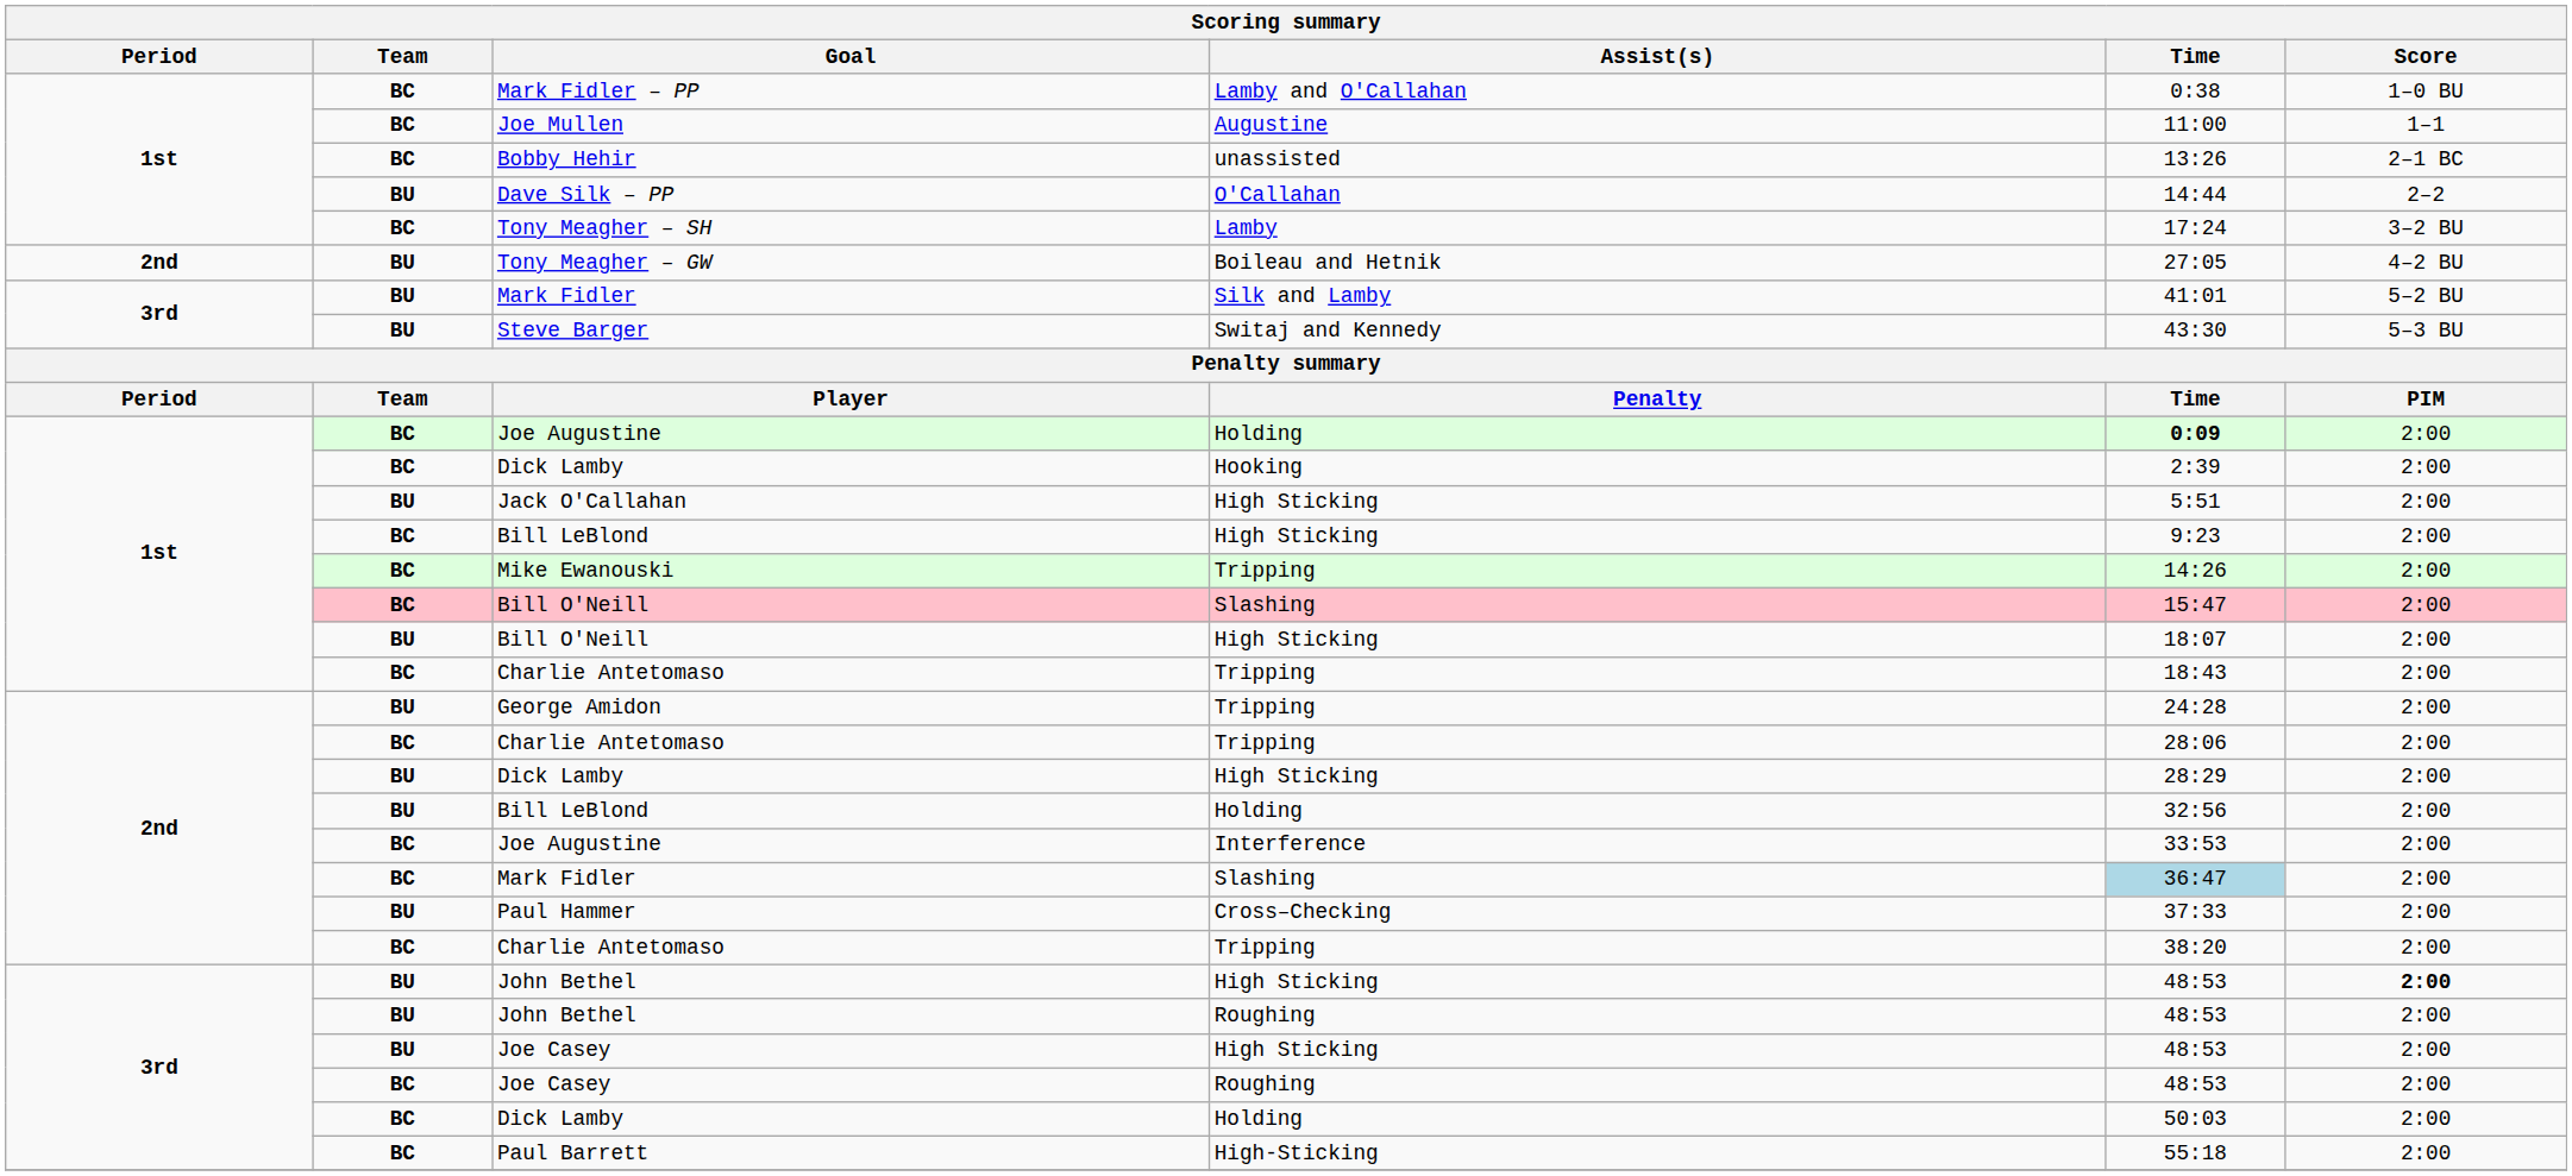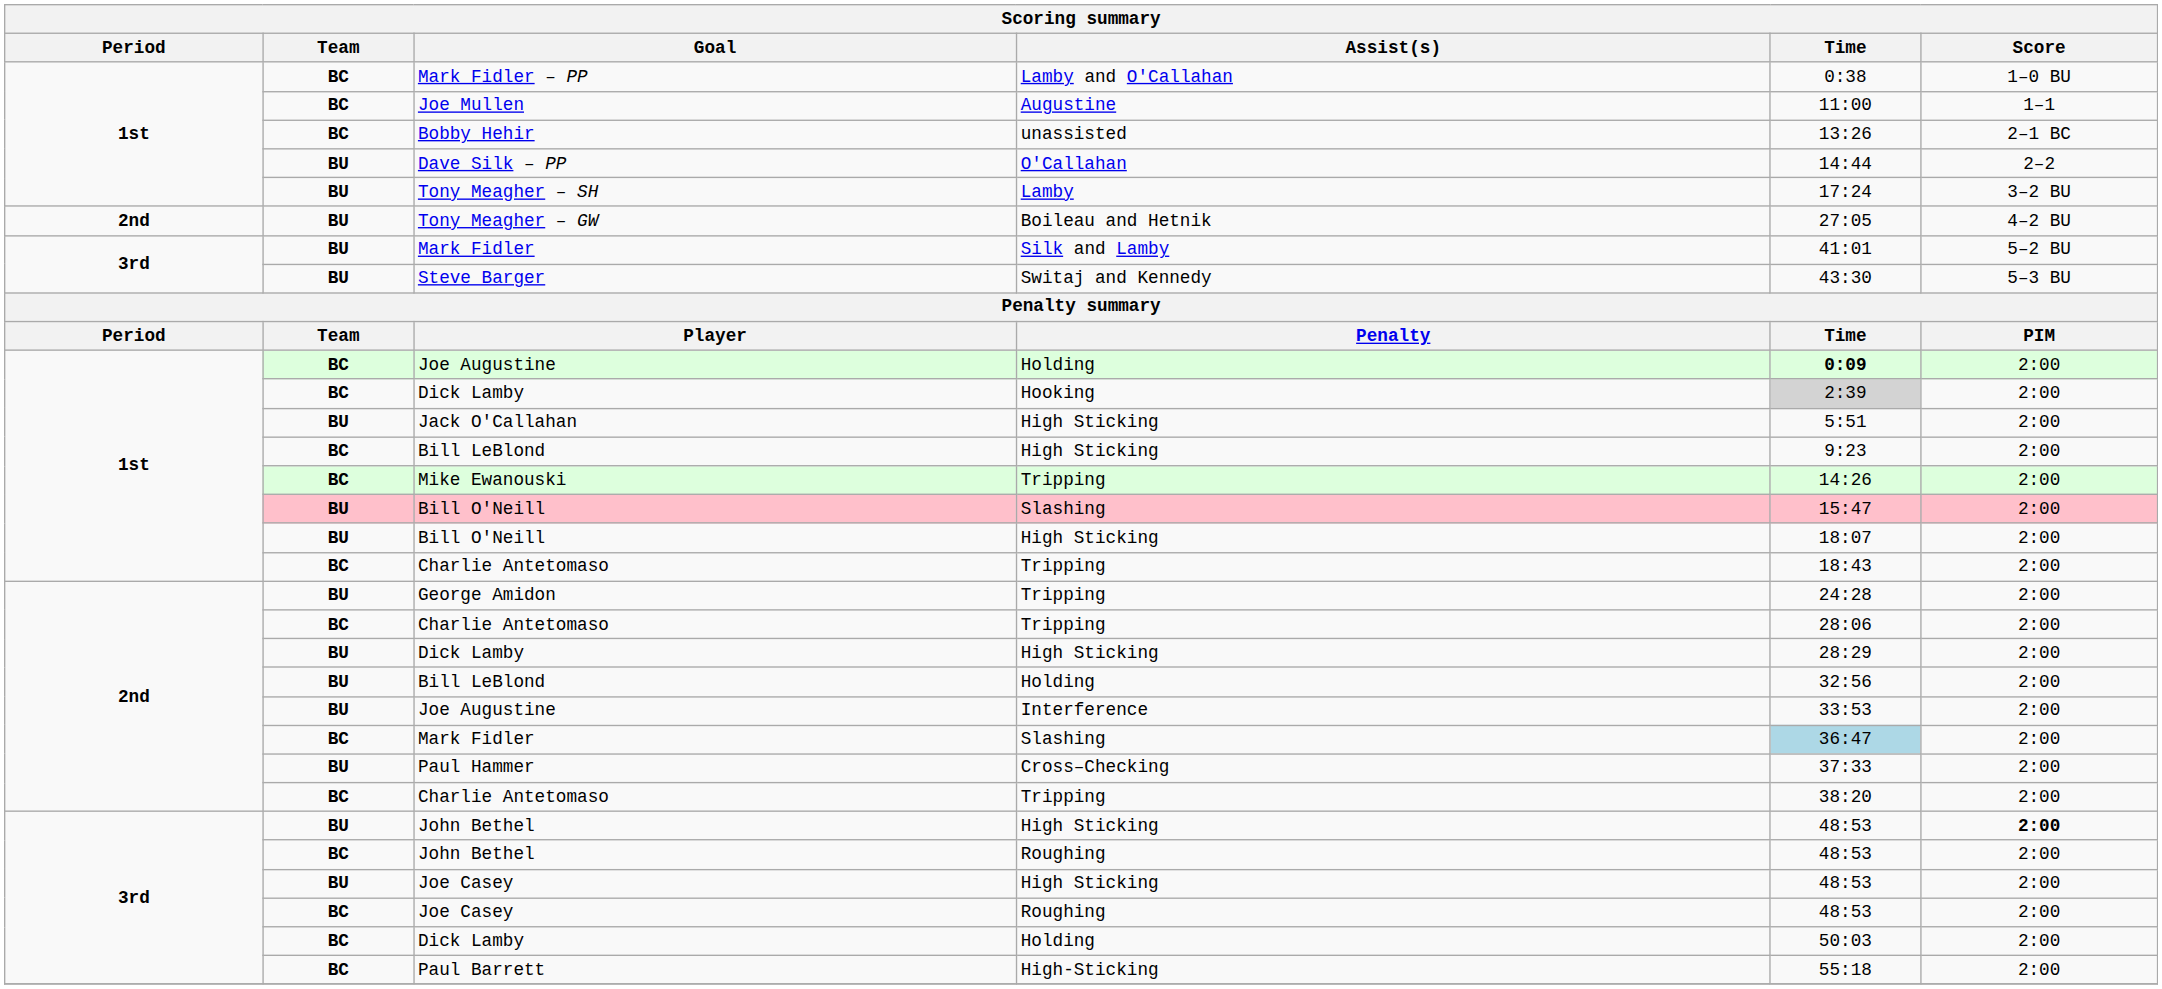 <table style="width:100%;" class="wikitable">
 <tr>
 <th colspan=6>Scoring summary</th>
 </tr>
 <tr>
 <th style="width:12%;">Period</th>
 <th style="width:7%;">Team</th>
 <th style="width:28%;">Goal</th>
 <th style="width:35%;">Assist(s)</th>
 <th style="width:7%;">Time</th>
 <th style="width:11%;">Score</th>
 </tr>
 <tr>
 <td style="text-align:center;" rowspan="5"><strong>1st</strong></td>
 <td align=center><strong>BC</strong></td>
 <td><a href='#'>Mark Fidler</a> – <em>PP</em></td>
 <td><a href='#'>Lamby</a> and <a href='#'>O'Callahan</a></td>
 <td align=center>0:38</td>
 <td align=center>1–0 BU</td>
 </tr>
 <tr>
 <td align=center><strong>BC</strong></td>
 <td><a href='#'>Joe Mullen</a></td>
 <td><a href='#'>Augustine</a></td>
 <td align=center>11:00</td>
 <td align=center>1–1</td>
 </tr>
 <tr>
 <td align=center><strong>BC</strong></td>
 <td><a href='#'>Bobby Hehir</a></td>
 <td>unassisted</td>
 <td align=center>13:26</td>
 <td align=center>2–1 BC</td>
 </tr>
 <tr>
 <td align=center><strong>BU</strong></td>
 <td><a href='#'>Dave Silk</a> – <em>PP</em></td>
 <td><a href='#'>O'Callahan</a></td>
 <td align=center>14:44</td>
 <td align=center>2–2</td>
 </tr>
 <tr>
-<td align=center><strong>BC</strong></td>
+<td align=center><strong>BU</strong></td>
 <td><a href='#'>Tony Meagher</a> – <em>SH</em></td>
 <td><a href='#'>Lamby</a></td>
 <td align=center>17:24</td>
 <td align=center>3–2 BU</td>
 </tr>
 <tr>
 <td style="text-align:center;" rowspan="1"><strong>2nd</strong></td>
 <td align=center><strong>BU</strong></td>
 <td><a href='#'>Tony Meagher</a> – <em>GW</em></td>
 <td>Boileau and Hetnik</td>
 <td align=center>27:05</td>
 <td align=center>4–2 BU</td>
 </tr>
 <tr>
 <td style="text-align:center;" rowspan="2"><strong>3rd</strong></td>
 <td align=center><strong>BU</strong></td>
 <td><a href='#'>Mark Fidler</a></td>
 <td><a href='#'>Silk</a> and <a href='#'>Lamby</a></td>
 <td align=center>41:01</td>
 <td align=center>5–2 BU</td>
 </tr>
 <tr>
 <td align=center><strong>BU</strong></td>
 <td><a href='#'>Steve Barger</a></td>
 <td>Switaj and Kennedy</td>
 <td align=center>43:30</td>
 <td align=center>5–3 BU</td>
 </tr>
 <tr>
 <th colspan=6>Penalty summary</th>
 </tr>
 <tr>
 <th style="width:12%;">Period</th>
 <th style="width:7%;">Team</th>
 <th style="width:28%;">Player</th>
 <th style="width:35%;"><a href='#'>Penalty</a></th>
 <th style="width:7%;">Time</th>
 <th style="width:11%;">PIM</th>
 </tr>
 <tr>
 <td style="text-align:center;" rowspan="8"><strong>1st</strong></td>
 <td bgcolor=#ddffdd align=center><strong>BC</strong></td>
 <td bgcolor=#ddffdd>Joe Augustine</td>
 <td bgcolor=#ddffdd>Holding</td>
 <td bgcolor=#ddffdd align=center><strong>0:09</strong></td>
 <td bgcolor=#ddffdd align=center>2:00</td>
 </tr>
 <tr>
 <td align=center><strong>BC</strong></td>
 <td>Dick Lamby</td>
 <td>Hooking</td>
-<td align=center>2:39</td>
+<td align=center style="background: lightgrey;">2:39</td>
 <td align=center>2:00</td>
 </tr>
 <tr>
 <td align=center><strong>BU</strong></td>
 <td>Jack O'Callahan</td>
 <td>High Sticking</td>
 <td align=center>5:51</td>
 <td align=center>2:00</td>
 </tr>
 <tr>
 <td align=center><strong>BC</strong></td>
 <td>Bill LeBlond</td>
 <td>High Sticking</td>
 <td align=center>9:23</td>
 <td align=center>2:00</td>
 </tr>
 <tr bgcolor=#ddffdd>
 <td align=center><strong>BC</strong></td>
 <td>Mike Ewanouski</td>
 <td>Tripping</td>
 <td align=center>14:26</td>
 <td align=center>2:00</td>
 </tr>
 <tr bgcolor=pink>
-<td align=center><strong>BC</strong></td>
+<td align=center><strong>BU</strong></td>
 <td>Bill O'Neill</td>
 <td>Slashing</td>
 <td align=center>15:47</td>
 <td align=center>2:00</td>
 </tr>
 <tr>
 <td align=center><strong>BU</strong></td>
 <td>Bill O'Neill</td>
 <td>High Sticking</td>
 <td align=center>18:07</td>
 <td align=center>2:00</td>
 </tr>
 <tr>
 <td align=center><strong>BC</strong></td>
 <td>Charlie Antetomaso</td>
 <td>Tripping</td>
 <td align=center>18:43</td>
 <td align=center>2:00</td>
 </tr>
 <tr>
 <td style="text-align:center;" rowspan="8"><strong>2nd</strong></td>
 <td align=center><strong>BU</strong></td>
 <td>George Amidon</td>
 <td>Tripping</td>
 <td align=center>24:28</td>
 <td align=center>2:00</td>
 </tr>
 <tr>
 <td align=center><strong>BC</strong></td>
 <td>Charlie Antetomaso</td>
 <td>Tripping</td>
 <td align=center>28:06</td>
 <td align=center>2:00</td>
 </tr>
 <tr>
 <td align=center><strong>BU</strong></td>
 <td>Dick Lamby</td>
 <td>High Sticking</td>
 <td align=center>28:29</td>
 <td align=center>2:00</td>
 </tr>
 <tr>
 <td align=center><strong>BU</strong></td>
 <td>Bill LeBlond</td>
 <td>Holding</td>
 <td align=center>32:56</td>
 <td align=center>2:00</td>
 </tr>
 <tr>
-<td align=center><strong>BC</strong></td>
+<td align=center><strong>BU</strong></td>
 <td>Joe Augustine</td>
 <td>Interference</td>
 <td align=center>33:53</td>
 <td align=center>2:00</td>
 </tr>
 <tr>
 <td align=center><strong>BC</strong></td>
 <td>Mark Fidler</td>
 <td>Slashing</td>
 <td align=center style="background: lightblue;">36:47</td>
 <td align=center>2:00</td>
 </tr>
 <tr>
 <td align=center><strong>BU</strong></td>
 <td>Paul Hammer</td>
 <td>Cross–Checking</td>
 <td align=center>37:33</td>
 <td align=center>2:00</td>
 </tr>
 <tr>
 <td align=center><strong>BC</strong></td>
 <td>Charlie Antetomaso</td>
 <td>Tripping</td>
 <td align=center>38:20</td>
 <td align=center>2:00</td>
 </tr>
 <tr>
 <td style="text-align:center;" rowspan="6"><strong>3rd</strong></td>
 <td align=center><strong>BU</strong></td>
 <td>John Bethel</td>
 <td>High Sticking</td>
 <td align=center>48:53</td>
 <td align=center><strong>2:00</strong></td>
 </tr>
 <tr>
-<td align=center><strong>BU</strong></td>
+<td align=center><strong>BC</strong></td>
 <td>John Bethel</td>
 <td>Roughing</td>
 <td align=center>48:53</td>
 <td align=center>2:00</td>
 </tr>
 <tr>
 <td align=center><strong>BU</strong></td>
 <td>Joe Casey</td>
 <td>High Sticking</td>
 <td align=center>48:53</td>
 <td align=center>2:00</td>
 </tr>
 <tr>
 <td align=center><strong>BC</strong></td>
 <td>Joe Casey</td>
 <td>Roughing</td>
 <td align=center>48:53</td>
 <td align=center>2:00</td>
 </tr>
 <tr>
 <td align=center><strong>BC</strong></td>
 <td>Dick Lamby</td>
 <td>Holding</td>
 <td align=center>50:03</td>
 <td align=center>2:00</td>
 </tr>
 <tr>
 <td align=center><strong>BC</strong></td>
 <td>Paul Barrett</td>
 <td>High-Sticking</td>
 <td align=center>55:18</td>
 <td align=center>2:00</td>
 </tr>
 <tr>
 </tr>
 </table>
